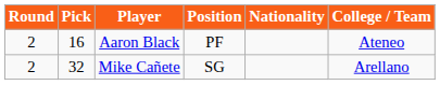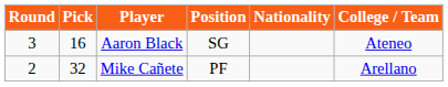 <table class="wikitable sortable sortable" style="text-align:center">
 <tr>
 <th style="background:#F95F17; color:#FFFFFF; ">Round</th>
 <th style="background:#F95F17; color:#FFFFFF; ">Pick</th>
 <th style="background:#F95F17; color:#FFFFFF; ">Player</th>
 <th style="background:#F95F17; color:#FFFFFF; ">Position</th>
 <th style="background:#F95F17; color:#FFFFFF; ">Nationality</th>
 <th style="background:#F95F17; color:#FFFFFF; ">College / Team</th>
 </tr>
 <tr>
-<td>2</td>
+<td>3</td>
 <td>16</td>
 <td><a href='#'>Aaron Black</a></td>
-<td>PF</td>
+<td>SG</td>
 <td></td>
 <td><a href='#'>Ateneo</a></td>
 </tr>
 <tr>
 <td>2</td>
 <td>32</td>
 <td><a href='#'>Mike Cañete</a></td>
-<td>SG</td>
+<td>PF</td>
 <td></td>
 <td><a href='#'>Arellano</a></td>
 </tr>
 </table>
